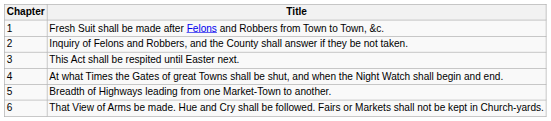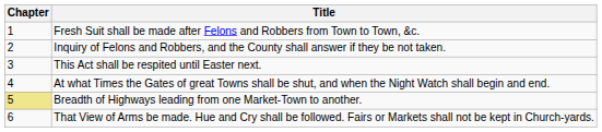 <table class="wikitable">
 <tr>
 <th>Chapter</th>
 <th>Title</th>
 </tr>
 <tr>
 <td>1</td>
 <td>Fresh Suit shall be made after <a href='#'>Felons</a> and Robbers from Town to Town, &c.</td>
 </tr>
 <tr>
 <td>2</td>
 <td>Inquiry of Felons and Robbers, and the County shall answer if they be not taken.</td>
 </tr>
 <tr>
 <td>3</td>
 <td>This Act shall be respited until Easter next.</td>
 </tr>
 <tr>
 <td>4</td>
 <td>At what Times the Gates of great Towns shall be shut, and when the Night Watch shall begin and end.</td>
 </tr>
 <tr>
-<td>5</td>
+<td style="background: khaki;">5</td>
 <td>Breadth of Highways leading from one Market-Town to another.</td>
 </tr>
 <tr>
 <td>6</td>
 <td>That View of Arms be made. Hue and Cry shall be followed. Fairs or Markets shall not be kept in Church-yards.</td>
 </tr>
 </table>
